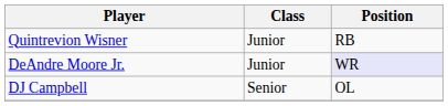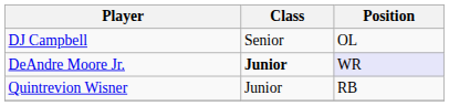 <table class="wikitable" style="width:75%;">
 <tr>
 <th style="text-align:center; ">Player</th>
 <th style="text-align:center; ">Class</th>
 <th style="text-align:center; ">Position</th>
 </tr>
 <tr>
+<td><a href='#'>DJ Campbell</a></td>
+<td>Senior</td>
+<td>OL</td>
+</tr>
+<tr>
+<td><a href='#'>DeAndre Moore Jr.</a></td>
+<td><strong>Junior</strong></td>
+<td style="background: lavender;">WR</td>
+</tr>
+<tr>
 <td><a href='#'>Quintrevion Wisner</a></td>
 <td>Junior</td>
 <td>RB</td>
 </tr>
 <tr>
-<td><a href='#'>DeAndre Moore Jr.</a></td>
-<td>Junior</td>
-<td style="background: lavender;">WR</td>
-</tr>
-<tr>
-<td><a href='#'>DJ Campbell</a></td>
-<td>Senior</td>
-<td>OL</td>
-</tr>
-<tr>
 </tr>
 </table>
